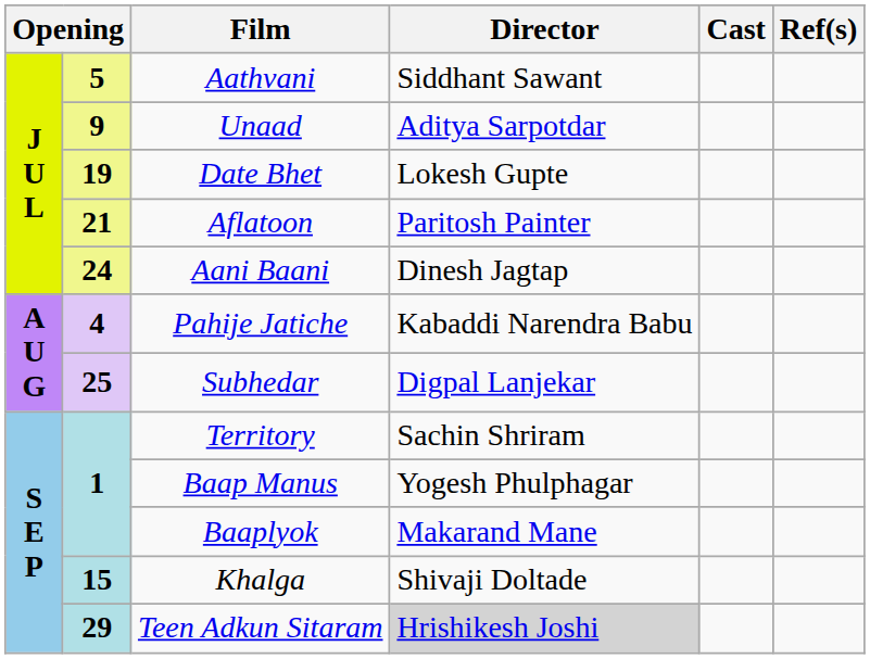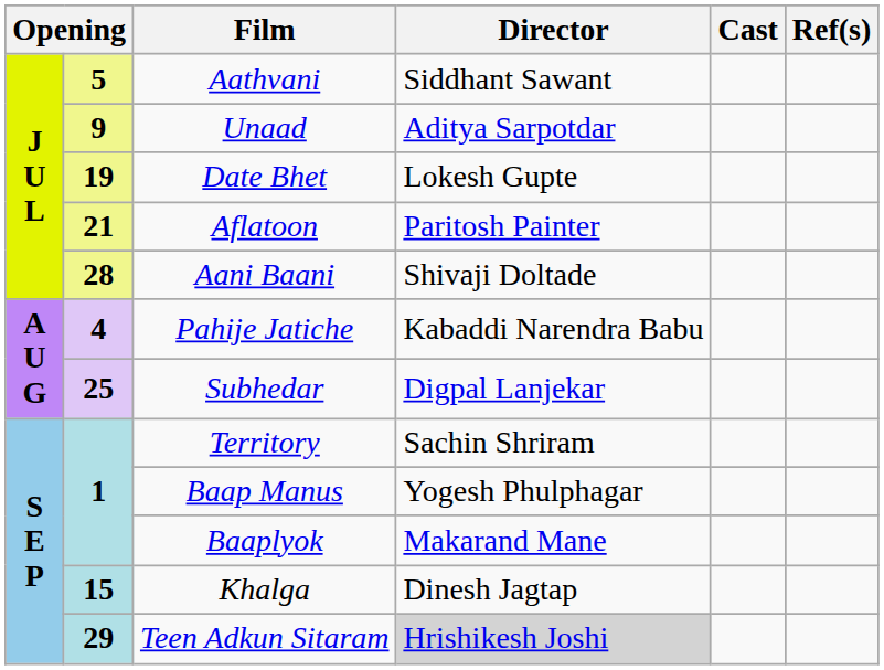 <table class="wikitable sortable">
 <tr>
 <th colspan="2">Opening</th>
 <th>Film</th>
 <th>Director</th>
 <th>Cast</th>
 <th>Ref(s)</th>
 </tr>
 <tr>
 <th rowspan="5" style="text-align:center; background:#E2F300; text color:#000;">J<br>U<br>L</th>
 <td rowspan="1" style="text-align:center; background:#F0F78D"><strong>5</strong></td>
 <td style="text-align:center"><em><a href='#'>Aathvani</a></em></td>
 <td>Siddhant Sawant</td>
 <td></td>
 <td style="text-align:center"></td>
 </tr>
 <tr>
 <td rowspan="1" style="text-align:center; background:#F0F78D"><strong>9</strong></td>
 <td style="text-align:center"><em><a href='#'>Unaad</a></em></td>
 <td><a href='#'>Aditya Sarpotdar</a></td>
 <td></td>
 <td style="text-align:center"></td>
 </tr>
 <tr>
 <td rowspan="1" style="text-align:center; background:#F0F78D"><strong>19</strong></td>
 <td style="text-align:center"><em><a href='#'>Date Bhet</a></em></td>
 <td>Lokesh Gupte</td>
 <td></td>
 <td style="text-align:center"></td>
 </tr>
 <tr>
 <td rowspan="1" style="text-align:center; background:#F0F78D"><strong>21</strong></td>
 <td style="text-align:center"><em><a href='#'>Aflatoon</a></em></td>
 <td><a href='#'>Paritosh Painter</a></td>
 <td></td>
 <td style="text-align:center"></td>
 </tr>
 <tr>
-<td rowspan="1" style="text-align:center; background:#F0F78D"><strong>24</strong></td>
+<td rowspan="1" style="text-align:center; background:#F0F78D"><strong>28</strong></td>
 <td style="text-align:center"><em><a href='#'>Aani Baani</a></em></td>
-<td>Dinesh Jagtap</td>
+<td>Shivaji Doltade</td>
 <td></td>
 <td style="text-align:center"></td>
 </tr>
 <tr>
 <th rowspan="2" style="text-align:center; background:#bf87f7; textcolor:#000;">A<br>U<br>G</th>
 <td rowspan="1" style="text-align:center; background:#dfc7f7"><strong>4</strong></td>
 <td style="text-align:center"><em><a href='#'>Pahije Jatiche</a></em></td>
 <td>Kabaddi Narendra Babu</td>
 <td></td>
 <td style="text-align:center"></td>
 </tr>
 <tr>
 <td style="text-align:center; background:#dfc7f7"><strong>25</strong></td>
 <td style="text-align:center"><em><a href='#'>Subhedar</a></em></td>
 <td><a href='#'>Digpal Lanjekar</a></td>
 <td></td>
 <td style="text-align:center"></td>
 </tr>
 <tr>
 <td rowspan="5" style="text-align:center; background:#93CCEA; textcolor:#000;"><strong>S<br>E<br>P</strong></td>
 <td rowspan="3" style="text-align:center;background:#B0E0E6;"><strong>1</strong></td>
 <td style="text-align:center"><em><a href='#'>Territory</a></em></td>
 <td>Sachin Shriram</td>
 <td></td>
 <td style="text-align:center"></td>
 </tr>
 <tr>
 <td style="text-align:center"><em><a href='#'>Baap Manus</a></em></td>
 <td>Yogesh Phulphagar</td>
 <td></td>
 <td style="text-align:center"></td>
 </tr>
 <tr>
 <td style="text-align:center"><em><a href='#'>Baaplyok</a></em></td>
 <td><a href='#'>Makarand Mane</a></td>
 <td></td>
 <td style="text-align:center"></td>
 </tr>
 <tr>
 <td rowspan="1" style="text-align:center;background:#B0E0E6;"><strong>15</strong></td>
 <td style="text-align:center"><em>Khalga</em></td>
-<td>Shivaji Doltade</td>
+<td>Dinesh Jagtap</td>
 <td></td>
 <td style="text-align:center"></td>
 </tr>
 <tr>
 <td rowspan="1" style="text-align:center;background:#B0E0E6;"><strong>29</strong></td>
 <td style="text-align:center"><em><a href='#'>Teen Adkun Sitaram</a></em></td>
 <td style="background: lightgrey;"><a href='#'>Hrishikesh Joshi</a></td>
 <td></td>
 <td style="text-align:center"></td>
 </tr>
 </table>
